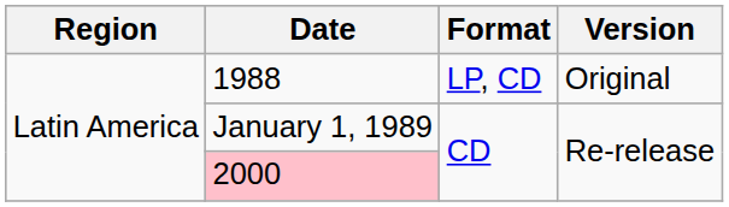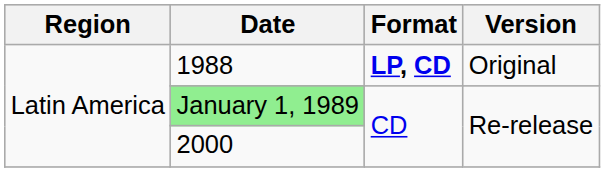 <table class="wikitable">
 <tr>
 <th>Region</th>
 <th>Date</th>
 <th>Format</th>
 <th>Version</th>
 </tr>
 <tr>
 <td rowspan="4">Latin America</td>
 <td rowspan="2">1988</td>
-<td><a href='#'>LP</a>, <a href='#'>CD</a></td>
+<td><strong><a href='#'>LP</a>, <a href='#'>CD</a></strong></td>
 <td rowspan="2">Original</td>
 </tr>
 <tr>
 <td rowspan="3"><a href='#'>CD</a></td>
 </tr>
 <tr>
-<td>January 1, 1989</td>
+<td style="background: lightgreen;">January 1, 1989</td>
 <td rowspan="2">Re-release</td>
 </tr>
 <tr>
-<td style="background: pink;">2000</td>
+<td>2000</td>
 </tr>
 </table>
